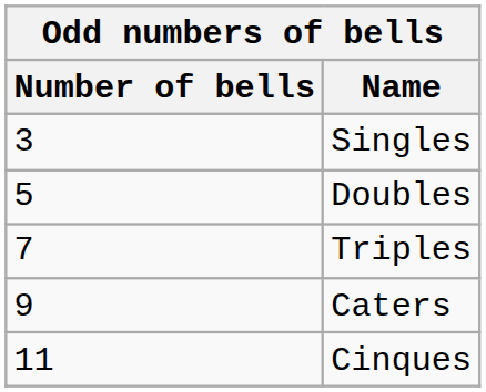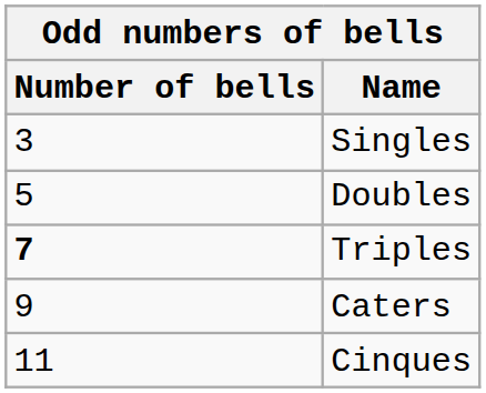 <table class="wikitable" style="float: left; margin: 1em;">
 <tr>
 <th colspan="2">Odd numbers of bells</th>
 </tr>
 <tr>
 <th>Number of bells</th>
 <th>Name</th>
 </tr>
 <tr>
 <td>3</td>
 <td>Singles</td>
 </tr>
 <tr>
 <td>5</td>
 <td>Doubles</td>
 </tr>
 <tr>
-<td>7</td>
+<td><strong>7</strong></td>
 <td>Triples</td>
 </tr>
 <tr>
 <td>9</td>
 <td>Caters</td>
 </tr>
 <tr>
 <td>11</td>
 <td>Cinques</td>
 </tr>
 </table>
